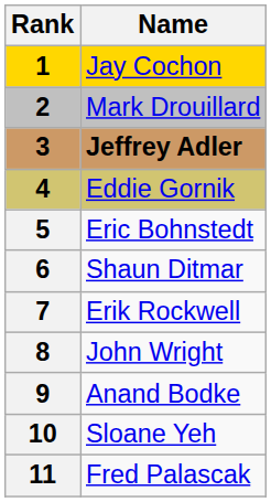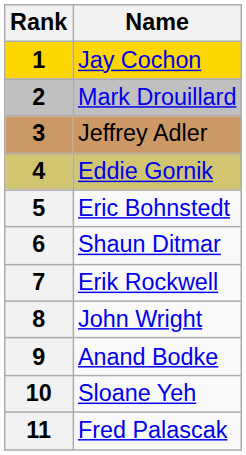 <table class="wikitable">
 <tr>
 <th>Rank</th>
 <th>Name</th>
 </tr>
 <tr bgcolor="gold">
 <td align="center"><strong>1</strong></td>
 <td><a href='#'>Jay Cochon</a></td>
 </tr>
 <tr bgcolor="silver">
 <td align="center"><strong>2</strong></td>
 <td><a href='#'>Mark Drouillard</a></td>
 </tr>
 <tr bgcolor="cc9966">
 <td align="center"><strong>3</strong></td>
-<td><strong>Jeffrey Adler</strong></td>
+<td>Jeffrey Adler</td>
 </tr>
 <tr bgcolor="#d1c571">
 <td align="center"><strong>4</strong></td>
 <td><a href='#'>Eddie Gornik</a></td>
 </tr>
 <tr>
 <th>5</th>
 <td><a href='#'>Eric Bohnstedt</a></td>
 </tr>
 <tr>
 <th>6</th>
 <td><a href='#'>Shaun Ditmar</a></td>
 </tr>
 <tr>
 <th>7</th>
 <td><a href='#'>Erik Rockwell</a></td>
 </tr>
 <tr>
 <th>8</th>
 <td><a href='#'>John Wright</a></td>
 </tr>
 <tr>
 <th>9</th>
 <td><a href='#'>Anand Bodke</a></td>
 </tr>
 <tr>
 <th>10</th>
 <td><a href='#'>Sloane Yeh</a></td>
 </tr>
 <tr>
 <th>11</th>
 <td><a href='#'>Fred Palascak</a></td>
 </tr>
 </table>
